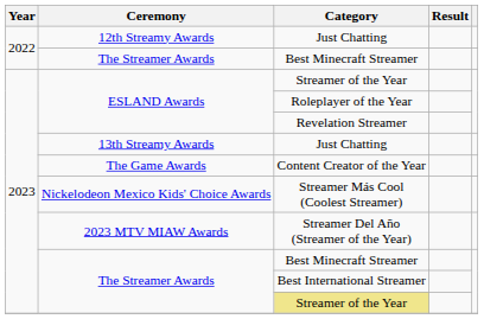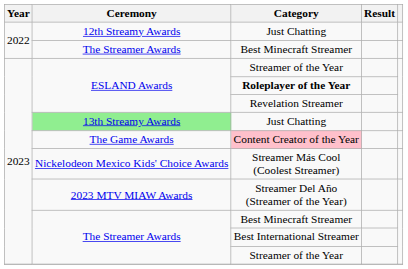 <table class="wikitable" style="text-align:center;">
 <tr>
 <th>Year</th>
 <th>Ceremony</th>
 <th>Category</th>
 <th>Result</th>
 <th></th>
 </tr>
 <tr>
 <td rowspan="2">2022</td>
 <td><a href='#'>12th Streamy Awards</a></td>
 <td>Just Chatting</td>
 <td></td>
 <td></td>
 </tr>
 <tr>
 <td><a href='#'>The Streamer Awards</a></td>
 <td>Best Minecraft Streamer</td>
 <td></td>
 <td></td>
 </tr>
 <tr>
 <td rowspan="10">2023</td>
 <td rowspan="3"><a href='#'>ESLAND Awards</a></td>
 <td>Streamer of the Year</td>
 <td></td>
 <td rowspan="3"></td>
 </tr>
 <tr>
-<td>Roleplayer of the Year</td>
+<td><strong>Roleplayer of the Year</strong></td>
 <td></td>
 </tr>
 <tr>
 <td>Revelation Streamer</td>
 <td></td>
 </tr>
 <tr>
-<td><a href='#'>13th Streamy Awards</a></td>
+<td style="background: lightgreen;"><a href='#'>13th Streamy Awards</a></td>
 <td>Just Chatting</td>
 <td></td>
 <td></td>
 </tr>
 <tr>
 <td><a href='#'>The Game Awards</a></td>
-<td>Content Creator of the Year</td>
+<td style="background: pink;">Content Creator of the Year</td>
 <td></td>
 <td></td>
 </tr>
 <tr>
 <td><a href='#'>Nickelodeon Mexico Kids' Choice Awards</a></td>
 <td>Streamer Más Cool<br>(Coolest Streamer)</td>
 <td></td>
 <td></td>
 </tr>
 <tr>
 <td><a href='#'>2023 MTV MIAW Awards</a></td>
 <td>Streamer Del Año<br>(Streamer of the Year)</td>
 <td></td>
 <td></td>
 </tr>
 <tr>
 <td rowspan="3"><a href='#'>The Streamer Awards</a></td>
 <td>Best Minecraft Streamer</td>
 <td></td>
 <td rowspan="3"></td>
 </tr>
 <tr>
 <td>Best International Streamer</td>
 <td></td>
 </tr>
 <tr>
-<td style="background: khaki;">Streamer of the Year</td>
+<td>Streamer of the Year</td>
 <td></td>
 </tr>
 <tr>
 </tr>
 </table>
